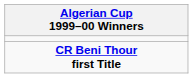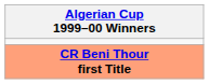 <table class="wikitable" style="text-align: center; margin: 0 auto; width: 20%">
 <tr>
 <th><a href='#'>Algerian Cup</a><br>1999–00 Winners</th>
 </tr>
 <tr>
 <td></td>
 </tr>
 <tr>
-<td><strong><a href='#'>CR Beni Thour</a></strong><br><strong>first Title</strong></td>
+<td style="background: lightsalmon;"><strong><a href='#'>CR Beni Thour</a></strong><br><strong>first Title</strong></td>
 </tr>
 </table>
